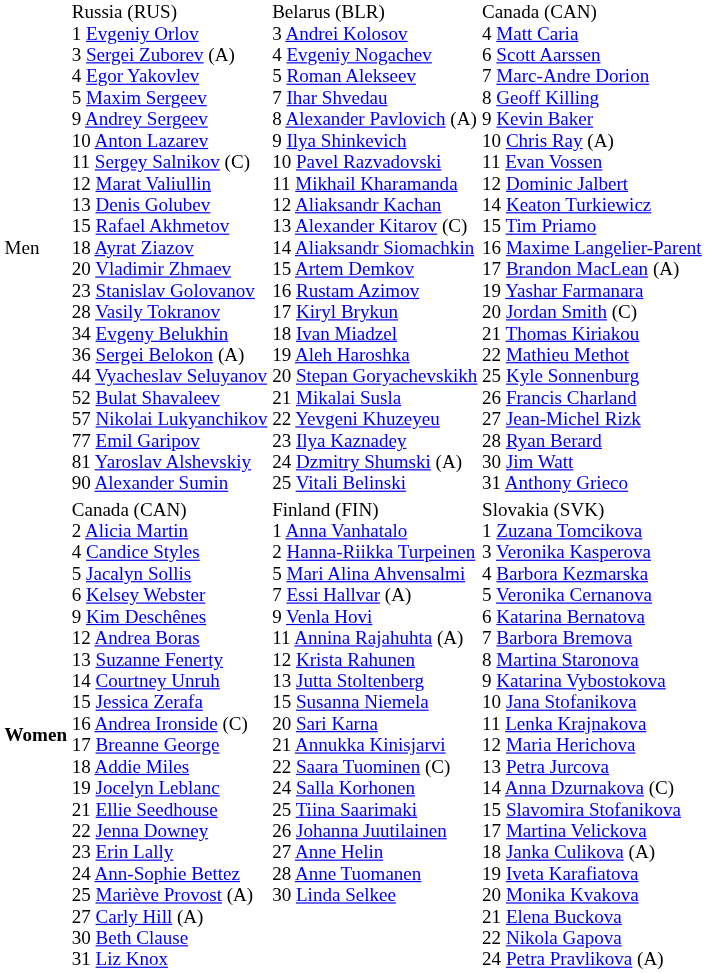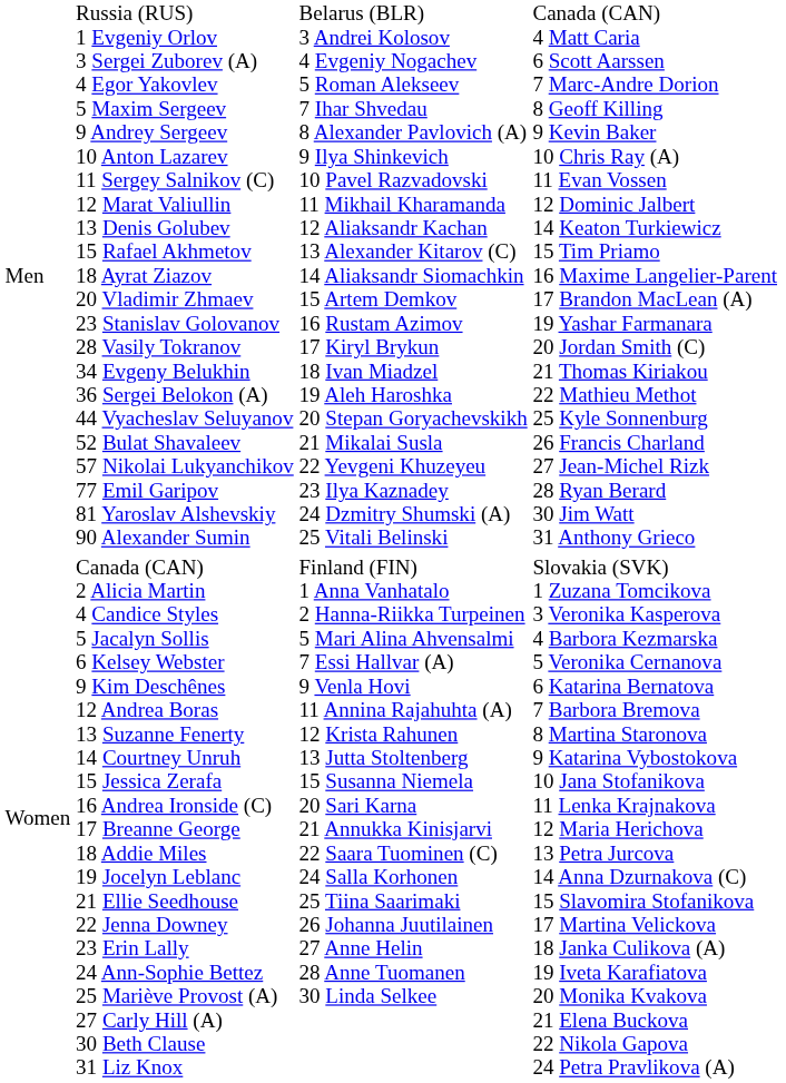 <table>
 <tr>
 <td>Men</td>
 <td valign=top> Russia (RUS)<br>1 <a href='#'>Evgeniy Orlov</a><br>3 <a href='#'>Sergei Zuborev</a> (A)<br>4 <a href='#'>Egor Yakovlev</a><br>5 <a href='#'>Maxim Sergeev</a><br>9 <a href='#'>Andrey Sergeev</a><br>10 <a href='#'>Anton Lazarev</a><br>11 <a href='#'>Sergey Salnikov</a> (C)<br>12 <a href='#'>Marat Valiullin</a><br>13 <a href='#'>Denis Golubev</a><br>15 <a href='#'>Rafael Akhmetov</a><br>18 <a href='#'>Ayrat Ziazov</a><br>20 <a href='#'>Vladimir Zhmaev</a><br>23 <a href='#'>Stanislav Golovanov</a><br>28 <a href='#'>Vasily Tokranov</a><br>34 <a href='#'>Evgeny Belukhin</a><br>36 <a href='#'>Sergei Belokon</a> (A)<br>44 <a href='#'>Vyacheslav Seluyanov</a><br>52 <a href='#'>Bulat Shavaleev</a><br>57 <a href='#'>Nikolai Lukyanchikov</a><br>77 <a href='#'>Emil Garipov</a><br>81 <a href='#'>Yaroslav Alshevskiy</a><br>90 <a href='#'>Alexander Sumin</a></td>
 <td valign=top> Belarus (BLR)<br>3 <a href='#'>Andrei Kolosov</a><br>4 <a href='#'>Evgeniy Nogachev</a><br>5 <a href='#'>Roman Alekseev</a><br>7 <a href='#'>Ihar Shvedau</a><br>8 <a href='#'>Alexander Pavlovich</a> (A)<br>9 <a href='#'>Ilya Shinkevich</a><br>10 <a href='#'>Pavel Razvadovski</a><br>11 <a href='#'>Mikhail Kharamanda</a><br>12 <a href='#'>Aliaksandr Kachan</a><br>13 <a href='#'>Alexander Kitarov</a> (C)<br>14 <a href='#'>Aliaksandr Siomachkin</a><br>15 <a href='#'>Artem Demkov</a><br>16 <a href='#'>Rustam Azimov</a><br>17 <a href='#'>Kiryl Brykun</a><br>18 <a href='#'>Ivan Miadzel</a><br>19 <a href='#'>Aleh Haroshka</a><br>20 <a href='#'>Stepan Goryachevskikh</a><br>21 <a href='#'>Mikalai Susla</a><br>22 <a href='#'>Yevgeni Khuzeyeu</a><br>23 <a href='#'>Ilya Kaznadey</a><br>24 <a href='#'>Dzmitry Shumski</a> (A)<br>25 <a href='#'>Vitali Belinski</a></td>
 <td valign=top> Canada (CAN)<br>4 <a href='#'>Matt Caria</a><br>6 <a href='#'>Scott Aarssen</a><br>7 <a href='#'>Marc-Andre Dorion</a><br>8 <a href='#'>Geoff Killing</a><br>9 <a href='#'>Kevin Baker</a><br>10 <a href='#'>Chris Ray</a> (A)<br>11 <a href='#'>Evan Vossen</a><br>12 <a href='#'>Dominic Jalbert</a><br>14 <a href='#'>Keaton Turkiewicz</a><br>15 <a href='#'>Tim Priamo</a><br>16 <a href='#'>Maxime Langelier-Parent</a><br>17 <a href='#'>Brandon MacLean</a> (A)<br>19 <a href='#'>Yashar Farmanara</a><br>20 <a href='#'>Jordan Smith</a> (C)<br>21 <a href='#'>Thomas Kiriakou</a><br>22 <a href='#'>Mathieu Methot</a><br>25 <a href='#'>Kyle Sonnenburg</a><br>26 <a href='#'>Francis Charland</a><br>27 <a href='#'>Jean-Michel Rizk</a><br>28 <a href='#'>Ryan Berard</a><br>30 <a href='#'>Jim Watt</a><br>31 <a href='#'>Anthony Grieco</a></td>
 </tr>
 <tr>
-<td><strong>Women</strong></td>
+<td>Women</td>
 <td valign=top> Canada (CAN)<br>2 <a href='#'>Alicia Martin</a><br>4 <a href='#'>Candice Styles</a><br>5 <a href='#'>Jacalyn Sollis</a><br>6 <a href='#'>Kelsey Webster</a><br>9 <a href='#'>Kim Deschênes</a><br>12 <a href='#'>Andrea Boras</a><br>13 <a href='#'>Suzanne Fenerty</a><br>14 <a href='#'>Courtney Unruh</a><br>15 <a href='#'>Jessica Zerafa</a><br>16 <a href='#'>Andrea Ironside</a> (C)<br>17 <a href='#'>Breanne George</a><br>18 <a href='#'>Addie Miles</a><br>19 <a href='#'>Jocelyn Leblanc</a><br>21 <a href='#'>Ellie Seedhouse</a><br>22 <a href='#'>Jenna Downey</a><br>23 <a href='#'>Erin Lally</a><br>24 <a href='#'>Ann-Sophie Bettez</a><br>25 <a href='#'>Mariève Provost</a> (A)<br>27 <a href='#'>Carly Hill</a> (A)<br>30 <a href='#'>Beth Clause</a><br>31 <a href='#'>Liz Knox</a></td>
 <td valign=top> Finland (FIN)<br>1 <a href='#'>Anna Vanhatalo</a><br>2 <a href='#'>Hanna-Riikka Turpeinen</a><br>5 <a href='#'>Mari Alina Ahvensalmi</a><br>7 <a href='#'>Essi Hallvar</a> (A)<br>9 <a href='#'>Venla Hovi</a><br>11 <a href='#'>Annina Rajahuhta</a> (A)<br>12 <a href='#'>Krista Rahunen</a><br>13 <a href='#'>Jutta Stoltenberg</a><br>15 <a href='#'>Susanna Niemela</a><br>20 <a href='#'>Sari Karna</a><br>21 <a href='#'>Annukka Kinisjarvi</a><br>22 <a href='#'>Saara Tuominen</a> (C)<br>24 <a href='#'>Salla Korhonen</a><br>25 <a href='#'>Tiina Saarimaki</a><br>26 <a href='#'>Johanna Juutilainen</a><br>27 <a href='#'>Anne Helin</a><br>28 <a href='#'>Anne Tuomanen</a><br>30 <a href='#'>Linda Selkee</a></td>
 <td valign=top> Slovakia (SVK)<br>1 <a href='#'>Zuzana Tomcikova</a><br>3 <a href='#'>Veronika Kasperova</a><br>4 <a href='#'>Barbora Kezmarska</a><br>5 <a href='#'>Veronika Cernanova</a><br>6 <a href='#'>Katarina Bernatova</a><br>7 <a href='#'>Barbora Bremova</a><br>8 <a href='#'>Martina Staronova</a><br>9 <a href='#'>Katarina Vybostokova</a><br>10 <a href='#'>Jana Stofanikova</a><br>11 <a href='#'>Lenka Krajnakova</a><br>12 <a href='#'>Maria Herichova</a><br>13 <a href='#'>Petra Jurcova</a><br>14 <a href='#'>Anna Dzurnakova</a> (C)<br>15 <a href='#'>Slavomira Stofanikova</a><br>17 <a href='#'>Martina Velickova</a><br>18 <a href='#'>Janka Culikova</a> (A)<br>19 <a href='#'>Iveta Karafiatova</a><br>20 <a href='#'>Monika Kvakova</a><br>21 <a href='#'>Elena Buckova</a><br>22 <a href='#'>Nikola Gapova</a><br>24 <a href='#'>Petra Pravlikova</a> (A)</td>
 </tr>
 </table>
